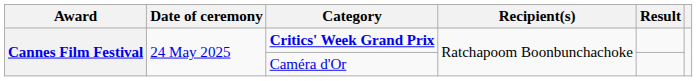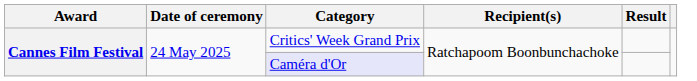 <table class="wikitable sortable plainrowheaders">
 <tr>
 <th scope="col">Award</th>
 <th scope="col">Date of ceremony</th>
 <th scope="col">Category</th>
 <th scope="col">Recipient(s)</th>
 <th scope="col">Result</th>
 <th scope="col" class="unsortable"></th>
 </tr>
 <tr>
 <th scope="row" rowspan="2"><a href='#'>Cannes Film Festival</a></th>
 <td rowspan="2"><a href='#'>24 May 2025</a></td>
-<td><strong><a href='#'>Critics' Week Grand Prix</a></strong></td>
+<td><a href='#'>Critics' Week Grand Prix</a></td>
 <td rowspan="2">Ratchapoom Boonbunchachoke</td>
 <td></td>
 <td align="center" rowspan="2"></td>
 </tr>
 <tr>
-<td><a href='#'>Caméra d'Or</a></td>
+<td style="background: lavender;"><a href='#'>Caméra d'Or</a></td>
 <td></td>
 </tr>
 </table>
